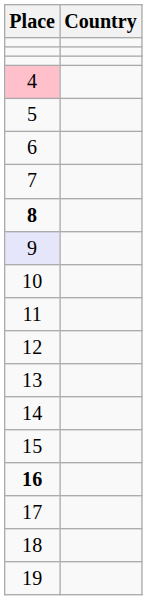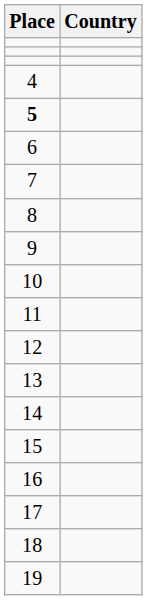 <table class="wikitable" style="font-size:95%;">
 <tr>
 <th>Place</th>
 <th>Country</th>
 </tr>
 <tr>
 <td align="center"></td>
 <td></td>
 </tr>
 <tr>
 <td align="center"></td>
 <td></td>
 </tr>
 <tr>
 <td align="center"></td>
 <td></td>
 </tr>
 <tr>
-<td align="center" style="background: pink;">4</td>
+<td align="center">4</td>
 <td></td>
 </tr>
 <tr>
-<td align="center">5</td>
+<td align="center"><strong>5</strong></td>
 <td></td>
 </tr>
 <tr>
 <td align="center">6</td>
 <td></td>
 </tr>
 <tr>
 <td align="center">7</td>
 <td></td>
 </tr>
 <tr>
-<td align="center"><strong>8</strong></td>
+<td align="center">8</td>
 <td></td>
 </tr>
 <tr>
-<td align="center" style="background: lavender;">9</td>
+<td align="center">9</td>
 <td></td>
 </tr>
 <tr>
 <td align="center">10</td>
 <td></td>
 </tr>
 <tr>
 <td align="center">11</td>
 <td></td>
 </tr>
 <tr>
 <td align="center">12</td>
 <td></td>
 </tr>
 <tr>
 <td align="center">13</td>
 <td></td>
 </tr>
 <tr>
 <td align="center">14</td>
 <td></td>
 </tr>
 <tr>
 <td align="center">15</td>
 <td></td>
 </tr>
 <tr>
-<td align="center"><strong>16</strong></td>
+<td align="center">16</td>
 <td></td>
 </tr>
 <tr>
 <td align=center>17</td>
 <td></td>
 </tr>
 <tr>
 <td align=center>18</td>
 <td></td>
 </tr>
 <tr>
 <td align=center>19</td>
 <td></td>
 </tr>
 </table>
